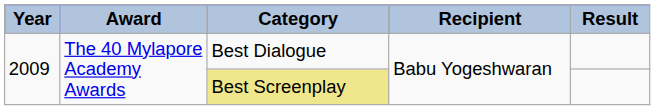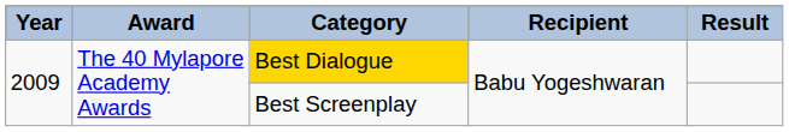 <table class="wikitable" width="90%">
 <tr bgcolor="blue">
 <th style="width:25pt; background:LightSteelBlue;">Year</th>
 <th style="width:80pt; background:LightSteelBlue;">Award</th>
 <th style="width:100pt; background:LightSteelBlue;">Category</th>
 <th style="width:100pt; background:LightSteelBlue;">Recipient</th>
 <th style="width:40pt; background:LightSteelBlue;">Result</th>
 </tr>
 <tr>
 <td rowspan="2">2009</td>
 <td rowspan="2"><a href='#'>The 40 Mylapore Academy Awards</a></td>
-<td>Best Dialogue</td>
+<td style="background: gold;">Best Dialogue</td>
 <td rowspan="2">Babu Yogeshwaran</td>
 <td></td>
 </tr>
 <tr>
-<td style="background: khaki;">Best Screenplay</td>
+<td>Best Screenplay</td>
 <td></td>
 </tr>
 </table>
